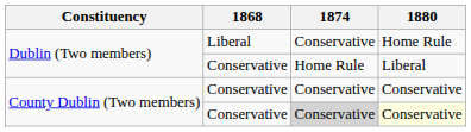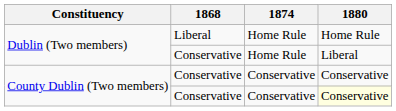 <table class="wikitable">
 <tr>
 <th>Constituency</th>
 <th>1868</th>
 <th>1874</th>
 <th>1880</th>
 </tr>
 <tr>
 <td rowspan="2"><a href='#'>Dublin</a> (Two members)</td>
 <td>Liberal</td>
-<td>Conservative</td>
+<td>Home Rule</td>
 <td>Home Rule</td>
 </tr>
 <tr>
 <td>Conservative</td>
 <td>Home Rule</td>
 <td>Liberal</td>
 </tr>
 <tr>
 <td rowspan="2"><a href='#'>County Dublin</a> (Two members)</td>
 <td>Conservative</td>
 <td>Conservative</td>
 <td>Conservative</td>
 </tr>
 <tr>
 <td>Conservative</td>
-<td style="background: lightgrey;">Conservative</td>
+<td>Conservative</td>
 <td style="background: lightyellow;">Conservative</td>
 </tr>
 </table>
